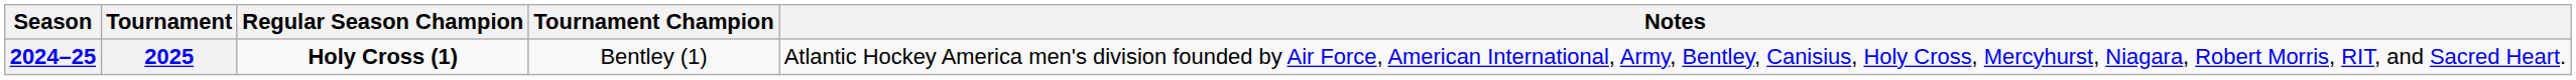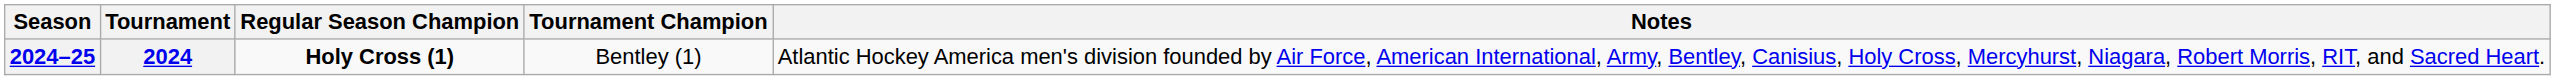 <table class="wikitable" style="text-align: center;">
 <tr>
 <th>Season</th>
 <th>Tournament</th>
 <th>Regular Season Champion</th>
 <th>Tournament Champion</th>
 <th>Notes</th>
 </tr>
 <tr>
 <th><a href='#'>2024–25</a></th>
-<th><a href='#'>2025</a></th>
+<th><a href='#'>2024</a></th>
 <td><strong>Holy Cross (1)</strong></td>
 <td>Bentley (1)</td>
 <td>Atlantic Hockey America men's division founded by <a href='#'>Air Force</a>, <a href='#'>American International</a>, <a href='#'>Army</a>, <a href='#'>Bentley</a>, <a href='#'>Canisius</a>, <a href='#'>Holy Cross</a>, <a href='#'>Mercyhurst</a>, <a href='#'>Niagara</a>, <a href='#'>Robert Morris</a>, <a href='#'>RIT</a>, and <a href='#'>Sacred Heart</a>.</td>
 </tr>
 </table>
